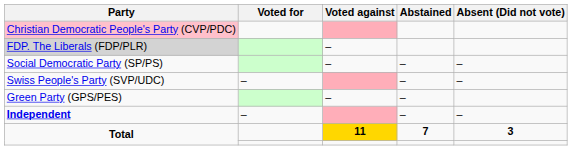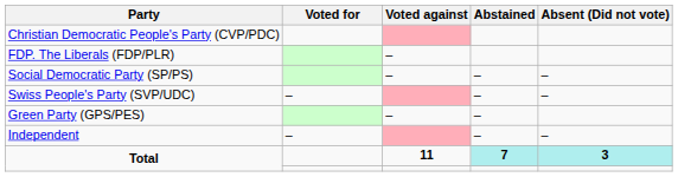 <table class="wikitable">
 <tr>
 <th>Party</th>
 <th style="width:15%;">Voted for</th>
 <th>Voted against</th>
 <th>Abstained</th>
 <th>Absent (Did not vote)</th>
 </tr>
 <tr>
-<td style="background: pink;"> <a href='#'>Christian Democratic People's Party</a> (CVP/PDC)</td>
+<td> <a href='#'>Christian Democratic People's Party</a> (CVP/PDC)</td>
 <td></td>
 <td style="background-color:#FFAEB9;"></td>
 <td></td>
 <td></td>
 </tr>
 <tr>
-<td style="background: lightgrey;"> <a href='#'>FDP. The Liberals</a> (FDP/PLR)</td>
+<td> <a href='#'>FDP. The Liberals</a> (FDP/PLR)</td>
 <td style="background-color:#CCFFCC;"></td>
 <td>–</td>
 <td></td>
 <td></td>
 </tr>
 <tr>
 <td> <a href='#'>Social Democratic Party</a> (SP/PS)</td>
 <td style="background-color:#CCFFCC;"></td>
 <td>–</td>
 <td>–</td>
 <td>–</td>
 </tr>
 <tr>
 <td> <a href='#'>Swiss People's Party</a> (SVP/UDC)</td>
 <td>–</td>
 <td style="background-color:#FFAEB9;"></td>
 <td>–</td>
 <td>–</td>
 </tr>
 <tr>
 <td> <a href='#'>Green Party</a> (GPS/PES)</td>
 <td style="background-color:#CCFFCC;"></td>
 <td>–</td>
 <td>–</td>
 <td></td>
 </tr>
 <tr>
-<td><strong> <a href='#'>Independent</a></strong></td>
+<td> <a href='#'>Independent</a></td>
 <td>–</td>
 <td style="background-color:#FFAEB9;"></td>
 <td>–</td>
 <td>–</td>
 </tr>
 <tr>
 <td style="text-align:center;" rowspan="2"><strong>Total</strong></td>
 <td></td>
-<td style="background: gold; text-align:center;"><strong>11</strong></td>
-<td style="text-align:center;"><strong>7</strong></td>
-<td style="text-align:center;"><strong>3</strong></td>
+<td style="text-align:center;"><strong>11</strong></td>
+<td style="background: paleturquoise; text-align:center;"><strong>7</strong></td>
+<td style="background: paleturquoise; text-align:center;"><strong>3</strong></td>
 </tr>
 <tr>
 <td style="text-align:center;"></td>
 <td style="text-align:center;"></td>
 <td style="text-align:center;"></td>
 <td style="text-align:center;"></td>
 </tr>
 </table>
